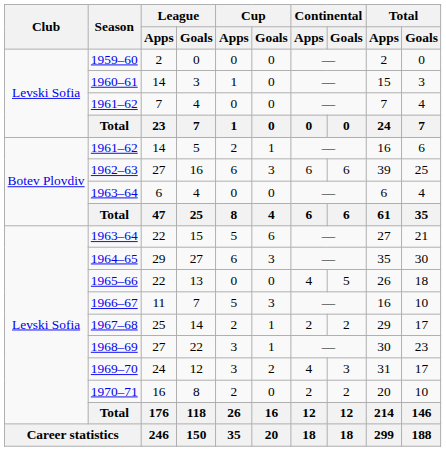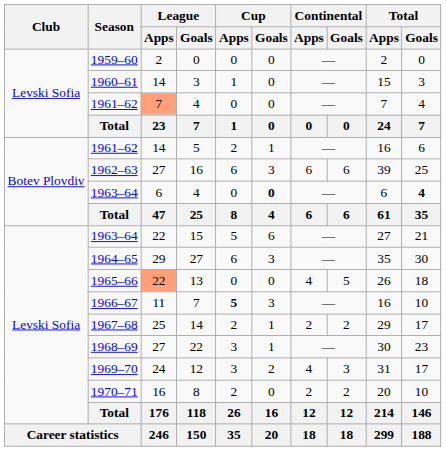 <table class="wikitable" style="font-size:90%; text-align: center">
 <tr>
 <th rowspan=2>Club</th>
 <th rowspan=2>Season</th>
 <th colspan=2>League</th>
 <th colspan=2>Cup</th>
 <th colspan=2>Continental</th>
 <th colspan=2>Total</th>
 </tr>
 <tr>
 <th>Apps</th>
 <th>Goals</th>
 <th>Apps</th>
 <th>Goals</th>
 <th>Apps</th>
 <th>Goals</th>
 <th>Apps</th>
 <th>Goals</th>
 </tr>
 <tr>
 <td rowspan=4 valign="center"><a href='#'>Levski Sofia</a></td>
 <td><a href='#'>1959–60</a></td>
 <td>2</td>
 <td>0</td>
 <td>0</td>
 <td>0</td>
 <td colspan="2">—</td>
 <td>2</td>
 <td>0</td>
 </tr>
 <tr>
 <td><a href='#'>1960–61</a></td>
 <td>14</td>
 <td>3</td>
 <td>1</td>
 <td>0</td>
 <td colspan="2">—</td>
 <td>15</td>
 <td>3</td>
 </tr>
 <tr>
 <td><a href='#'>1961–62</a></td>
-<td>7</td>
+<td style="background: lightsalmon;">7</td>
 <td>4</td>
 <td>0</td>
 <td>0</td>
 <td colspan="2">—</td>
 <td>7</td>
 <td>4</td>
 </tr>
 <tr>
 <th colspan=1>Total</th>
 <th>23</th>
 <th>7</th>
 <th>1</th>
 <th>0</th>
 <th>0</th>
 <th>0</th>
 <th>24</th>
 <th>7</th>
 </tr>
 <tr>
 <td rowspan=4 valign="center"><a href='#'>Botev Plovdiv</a></td>
 <td><a href='#'>1961–62</a></td>
 <td>14</td>
 <td>5</td>
 <td>2</td>
 <td>1</td>
 <td colspan="2">—</td>
 <td>16</td>
 <td>6</td>
 </tr>
 <tr>
 <td><a href='#'>1962–63</a></td>
 <td>27</td>
 <td>16</td>
 <td>6</td>
 <td>3</td>
 <td>6</td>
 <td>6</td>
 <td>39</td>
 <td>25</td>
 </tr>
 <tr>
 <td><a href='#'>1963–64</a></td>
 <td>6</td>
 <td>4</td>
 <td>0</td>
-<td>0</td>
+<td><strong>0</strong></td>
 <td colspan="2">—</td>
 <td>6</td>
-<td>4</td>
+<td><strong>4</strong></td>
 </tr>
 <tr>
 <th colspan=1>Total</th>
 <th>47</th>
 <th>25</th>
 <th>8</th>
 <th>4</th>
 <th>6</th>
 <th>6</th>
 <th>61</th>
 <th>35</th>
 </tr>
 <tr>
 <td rowspan=9 valign="center"><a href='#'>Levski Sofia</a></td>
 <td><a href='#'>1963–64</a></td>
 <td>22</td>
 <td>15</td>
 <td>5</td>
 <td>6</td>
 <td colspan="2">—</td>
 <td>27</td>
 <td>21</td>
 </tr>
 <tr>
 <td><a href='#'>1964–65</a></td>
 <td>29</td>
 <td>27</td>
 <td>6</td>
 <td>3</td>
 <td colspan="2">—</td>
 <td>35</td>
 <td>30</td>
 </tr>
 <tr>
 <td><a href='#'>1965–66</a></td>
-<td>22</td>
+<td style="background: lightsalmon;">22</td>
 <td>13</td>
 <td>0</td>
 <td>0</td>
 <td>4</td>
 <td>5</td>
 <td>26</td>
 <td>18</td>
 </tr>
 <tr>
 <td><a href='#'>1966–67</a></td>
 <td>11</td>
 <td>7</td>
-<td>5</td>
+<td><strong>5</strong></td>
 <td>3</td>
 <td colspan="2">—</td>
 <td>16</td>
 <td>10</td>
 </tr>
 <tr>
 <td><a href='#'>1967–68</a></td>
 <td>25</td>
 <td>14</td>
 <td>2</td>
 <td>1</td>
 <td>2</td>
 <td>2</td>
 <td>29</td>
 <td>17</td>
 </tr>
 <tr>
 <td><a href='#'>1968–69</a></td>
 <td>27</td>
 <td>22</td>
 <td>3</td>
 <td>1</td>
 <td colspan="2">—</td>
 <td>30</td>
 <td>23</td>
 </tr>
 <tr>
 <td><a href='#'>1969–70</a></td>
 <td>24</td>
 <td>12</td>
 <td>3</td>
 <td>2</td>
 <td>4</td>
 <td>3</td>
 <td>31</td>
 <td>17</td>
 </tr>
 <tr>
 <td><a href='#'>1970–71</a></td>
 <td>16</td>
 <td>8</td>
 <td>2</td>
 <td>0</td>
 <td>2</td>
 <td>2</td>
 <td>20</td>
 <td>10</td>
 </tr>
 <tr>
 <th colspan=1>Total</th>
 <th>176</th>
 <th>118</th>
 <th>26</th>
 <th>16</th>
 <th>12</th>
 <th>12</th>
 <th>214</th>
 <th>146</th>
 </tr>
 <tr>
 <th colspan=2>Career statistics</th>
 <th>246</th>
 <th>150</th>
 <th>35</th>
 <th>20</th>
 <th>18</th>
 <th>18</th>
 <th>299</th>
 <th>188</th>
 </tr>
 </table>
